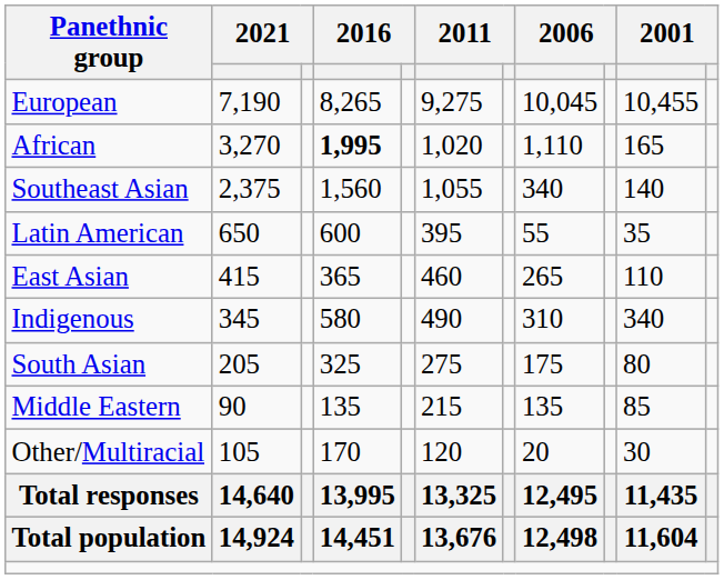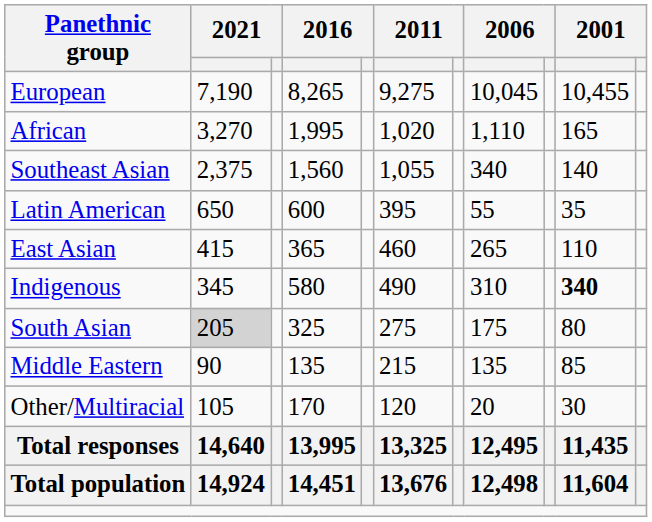 <table class="wikitable collapsible sortable">
 <tr>
 <th rowspan="2"><a href='#'>Panethnic</a><br>group</th>
 <th colspan="2">2021</th>
 <th colspan="2">2016</th>
 <th colspan="2">2011</th>
 <th colspan="2">2006</th>
 <th colspan="2">2001</th>
 </tr>
 <tr>
 <th><a href='#'></a></th>
 <th></th>
 <th></th>
 <th></th>
 <th></th>
 <th></th>
 <th></th>
 <th></th>
 <th></th>
 <th></th>
 </tr>
 <tr>
 <td><a href='#'>European</a></td>
 <td>7,190</td>
 <td></td>
 <td>8,265</td>
 <td></td>
 <td>9,275</td>
 <td></td>
 <td>10,045</td>
 <td></td>
 <td>10,455</td>
 <td></td>
 </tr>
 <tr>
 <td><a href='#'>African</a></td>
 <td>3,270</td>
 <td></td>
-<td><strong>1,995</strong></td>
+<td>1,995</td>
 <td></td>
 <td>1,020</td>
 <td></td>
 <td>1,110</td>
 <td></td>
 <td>165</td>
 <td></td>
 </tr>
 <tr>
 <td><a href='#'>Southeast Asian</a></td>
 <td>2,375</td>
 <td></td>
 <td>1,560</td>
 <td></td>
 <td>1,055</td>
 <td></td>
 <td>340</td>
 <td></td>
 <td>140</td>
 <td></td>
 </tr>
 <tr>
 <td><a href='#'>Latin American</a></td>
 <td>650</td>
 <td></td>
 <td>600</td>
 <td></td>
 <td>395</td>
 <td></td>
 <td>55</td>
 <td></td>
 <td>35</td>
 <td></td>
 </tr>
 <tr>
 <td><a href='#'>East Asian</a></td>
 <td>415</td>
 <td></td>
 <td>365</td>
 <td></td>
 <td>460</td>
 <td></td>
 <td>265</td>
 <td></td>
 <td>110</td>
 <td></td>
 </tr>
 <tr>
 <td><a href='#'>Indigenous</a></td>
 <td>345</td>
 <td></td>
 <td>580</td>
 <td></td>
 <td>490</td>
 <td></td>
 <td>310</td>
 <td></td>
-<td>340</td>
+<td><strong>340</strong></td>
 <td></td>
 </tr>
 <tr>
 <td><a href='#'>South Asian</a></td>
-<td>205</td>
+<td style="background: lightgrey;">205</td>
 <td></td>
 <td>325</td>
 <td></td>
 <td>275</td>
 <td></td>
 <td>175</td>
 <td></td>
 <td>80</td>
 <td></td>
 </tr>
 <tr>
 <td><a href='#'>Middle Eastern</a></td>
 <td>90</td>
 <td></td>
 <td>135</td>
 <td></td>
 <td>215</td>
 <td></td>
 <td>135</td>
 <td></td>
 <td>85</td>
 <td></td>
 </tr>
 <tr>
 <td>Other/<a href='#'>Multiracial</a></td>
 <td>105</td>
 <td></td>
 <td>170</td>
 <td></td>
 <td>120</td>
 <td></td>
 <td>20</td>
 <td></td>
 <td>30</td>
 <td></td>
 </tr>
 <tr>
 <th>Total responses</th>
 <th>14,640</th>
 <th></th>
 <th>13,995</th>
 <th></th>
 <th>13,325</th>
 <th></th>
 <th>12,495</th>
 <th></th>
 <th>11,435</th>
 <th></th>
 </tr>
 <tr>
 <th>Total population</th>
 <th>14,924</th>
 <th></th>
 <th>14,451</th>
 <th></th>
 <th>13,676</th>
 <th></th>
 <th>12,498</th>
 <th></th>
 <th>11,604</th>
 <th></th>
 </tr>
 <tr class="sortbottom">
 <td colspan="15"></td>
 </tr>
 </table>
